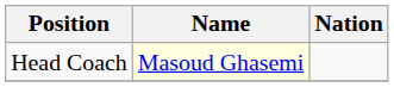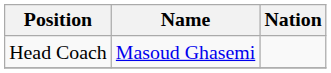 <table class="wikitable">
 <tr>
 <th>Position</th>
 <th>Name</th>
 <th>Nation</th>
 </tr>
 <tr>
 <td>Head Coach</td>
-<td style="background: lightyellow;"><a href='#'>Masoud Ghasemi</a></td>
+<td><a href='#'>Masoud Ghasemi</a></td>
 <td></td>
 </tr>
 <tr>
 </tr>
 </table>
